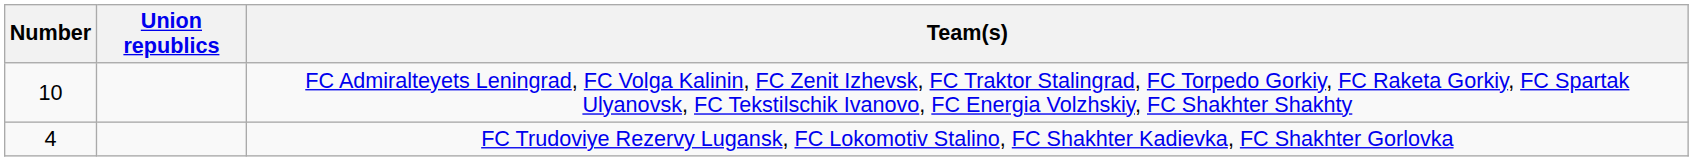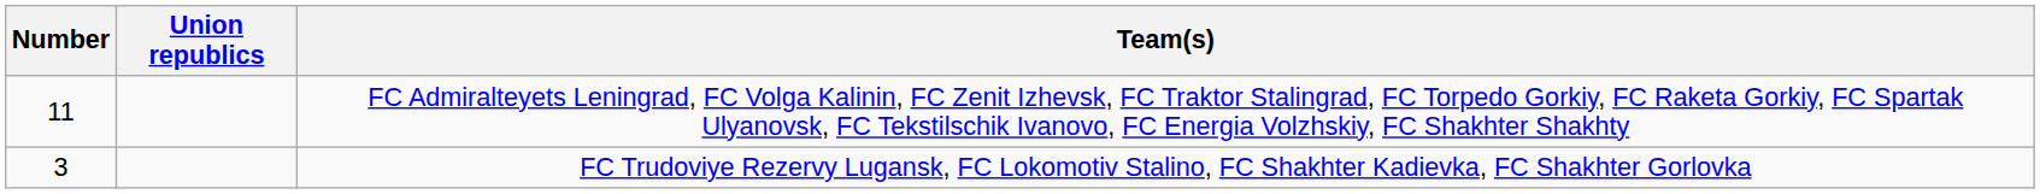 <table class="wikitable" style="text-align:center">
 <tr>
 <th>Number</th>
 <th><a href='#'>Union republics</a></th>
 <th>Team(s)</th>
 </tr>
 <tr>
-<td rowspan="1">10</td>
+<td rowspan="1">11</td>
 <td align="left"></td>
 <td><a href='#'>FC Admiralteyets Leningrad</a>, <a href='#'>FC Volga Kalinin</a>, <a href='#'>FC Zenit Izhevsk</a>, <a href='#'>FC Traktor Stalingrad</a>, <a href='#'>FC Torpedo Gorkiy</a>, <a href='#'>FC Raketa Gorkiy</a>, <a href='#'>FC Spartak Ulyanovsk</a>, <a href='#'>FC Tekstilschik Ivanovo</a>, <a href='#'>FC Energia Volzhskiy</a>, <a href='#'>FC Shakhter Shakhty</a></td>
 </tr>
 <tr>
-<td rowspan="1">4</td>
+<td rowspan="1">3</td>
 <td align="left"></td>
 <td><a href='#'>FC Trudoviye Rezervy Lugansk</a>, <a href='#'>FC Lokomotiv Stalino</a>, <a href='#'>FC Shakhter Kadievka</a>, <a href='#'>FC Shakhter Gorlovka</a></td>
 </tr>
 </table>
